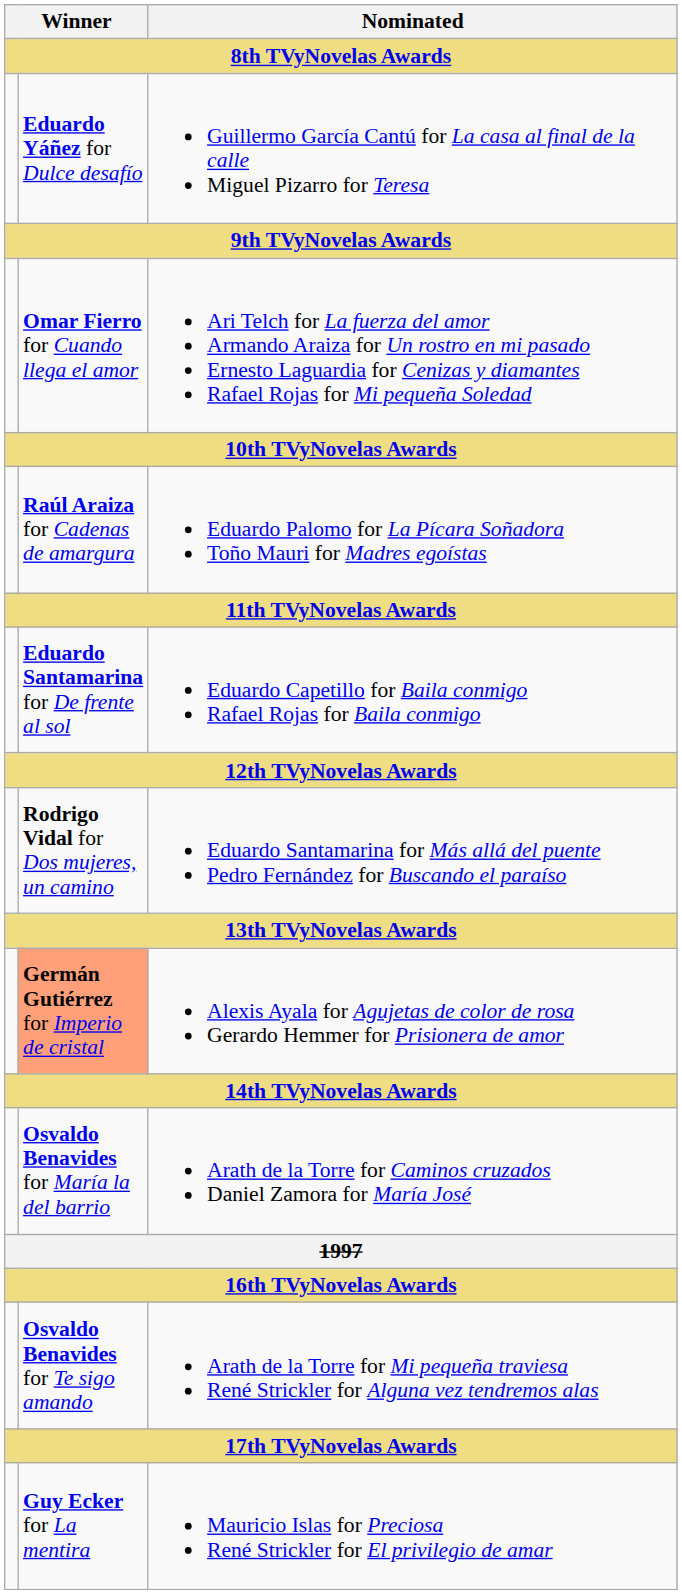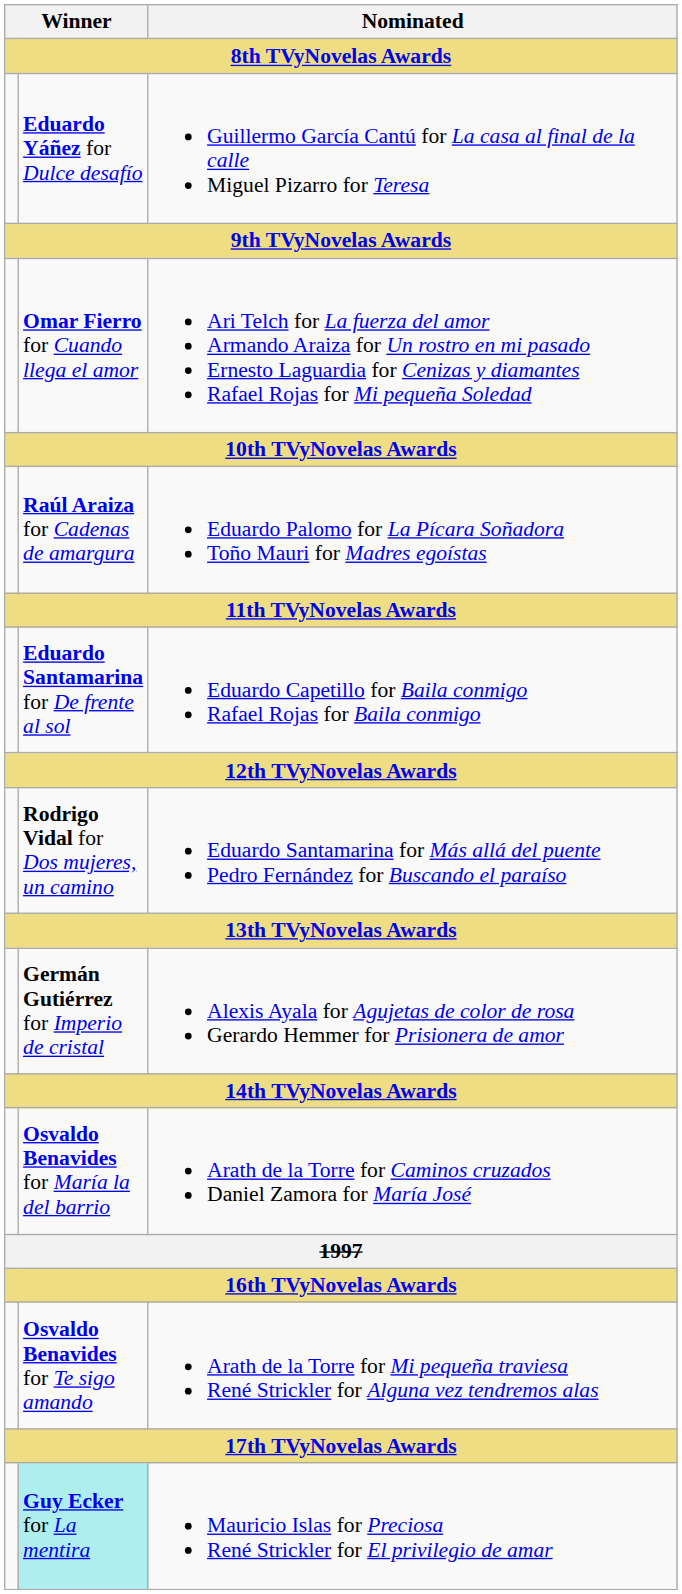 <table class="wikitable" width=80%>
 <tr align=center>
 <th width="150px;" colspan=2; align="center">Winner</th>
 <th width="580px;" align="center">Nominated</th>
 </tr>
 <tr>
 <th colspan=9 style="background:#EEDD82;"  align="center"><strong><a href='#'>8th TVyNovelas Awards</a></strong></th>
 </tr>
 <tr>
 <td width=2%></td>
 <td><strong><a href='#'>Eduardo Yáñez</a></strong> for <em><a href='#'>Dulce desafío</a></em></td>
 <td><br><ul><li><a href='#'>Guillermo García Cantú</a> for <em><a href='#'>La casa al final de la calle</a></em></li><li>Miguel Pizarro for <em><a href='#'>Teresa</a></em></li></ul></td>
 </tr>
 <tr>
 <th colspan=9 style="background:#EEDD82;"  align="center"><strong><a href='#'>9th TVyNovelas Awards</a></strong></th>
 </tr>
 <tr>
 <td width=2%></td>
 <td><strong><a href='#'>Omar Fierro</a></strong> for <em><a href='#'>Cuando llega el amor</a></em></td>
 <td><br><ul><li><a href='#'>Ari Telch</a> for <em><a href='#'>La fuerza del amor</a></em></li><li><a href='#'>Armando Araiza</a> for <em><a href='#'>Un rostro en mi pasado</a></em></li><li><a href='#'>Ernesto Laguardia</a> for <em><a href='#'>Cenizas y diamantes</a></em></li><li><a href='#'>Rafael Rojas</a> for <em><a href='#'>Mi pequeña Soledad</a></em></li></ul></td>
 </tr>
 <tr>
 <th colspan=9 style="background:#EEDD82;"  align="center"><strong><a href='#'>10th TVyNovelas Awards</a></strong></th>
 </tr>
 <tr>
 <td width=2%></td>
 <td><strong><a href='#'>Raúl Araiza</a></strong> for <em><a href='#'>Cadenas de amargura</a></em></td>
 <td><br><ul><li><a href='#'>Eduardo Palomo</a> for <em><a href='#'>La Pícara Soñadora</a></em></li><li><a href='#'>Toño Mauri</a> for <em><a href='#'>Madres egoístas</a></em></li></ul></td>
 </tr>
 <tr>
 <th colspan=9 style="background:#EEDD82;"  align="center"><strong><a href='#'>11th TVyNovelas Awards</a></strong></th>
 </tr>
 <tr>
 <td width=2%></td>
 <td><strong><a href='#'>Eduardo Santamarina</a></strong> for <em><a href='#'>De frente al sol</a></em></td>
 <td><br><ul><li><a href='#'>Eduardo Capetillo</a> for <em><a href='#'>Baila conmigo</a></em></li><li><a href='#'>Rafael Rojas</a> for <em><a href='#'>Baila conmigo</a></em></li></ul></td>
 </tr>
 <tr>
 <th colspan=9 style="background:#EEDD82;"  align="center"><strong><a href='#'>12th TVyNovelas Awards</a></strong></th>
 </tr>
 <tr>
 <td width=2%></td>
 <td><strong>Rodrigo Vidal</strong> for <em><a href='#'>Dos mujeres, un camino</a></em></td>
 <td><br><ul><li><a href='#'>Eduardo Santamarina</a> for <em><a href='#'>Más allá del puente</a></em></li><li><a href='#'>Pedro Fernández</a> for <em><a href='#'>Buscando el paraíso</a></em></li></ul></td>
 </tr>
 <tr>
 <th colspan=9 style="background:#EEDD82;"  align="center"><strong><a href='#'>13th TVyNovelas Awards</a></strong></th>
 </tr>
 <tr>
 <td width=2%></td>
-<td style="background: lightsalmon;"><strong>Germán Gutiérrez</strong> for <em><a href='#'>Imperio de cristal</a></em></td>
+<td><strong>Germán Gutiérrez</strong> for <em><a href='#'>Imperio de cristal</a></em></td>
 <td><br><ul><li><a href='#'>Alexis Ayala</a> for <em><a href='#'>Agujetas de color de rosa</a></em></li><li>Gerardo Hemmer for <em><a href='#'>Prisionera de amor</a></em></li></ul></td>
 </tr>
 <tr>
 <th colspan=9 style="background:#EEDD82;"  align="center"><strong><a href='#'>14th TVyNovelas Awards</a></strong></th>
 </tr>
 <tr>
 <td width=2%></td>
 <td><strong><a href='#'>Osvaldo Benavides</a></strong> for <em><a href='#'>María la del barrio</a></em></td>
 <td><br><ul><li><a href='#'>Arath de la Torre</a> for <em><a href='#'>Caminos cruzados</a></em></li><li>Daniel Zamora for <em><a href='#'>María José</a></em></li></ul></td>
 </tr>
 <tr>
 <th colspan=9  align="center"><s>1997</s></th>
 </tr>
 <tr>
 <th colspan=9 style="background:#EEDD82;"  align="center"><strong><a href='#'>16th TVyNovelas Awards</a></strong></th>
 </tr>
 <tr>
 <td width=2%></td>
 <td><strong><a href='#'>Osvaldo Benavides</a></strong> for <em><a href='#'>Te sigo amando</a></em></td>
 <td><br><ul><li><a href='#'>Arath de la Torre</a> for <em><a href='#'>Mi pequeña traviesa</a></em></li><li><a href='#'>René Strickler</a> for <em><a href='#'>Alguna vez tendremos alas</a></em></li></ul></td>
 </tr>
 <tr>
 <th colspan=9 style="background:#EEDD82;"  align="center"><strong><a href='#'>17th TVyNovelas Awards</a></strong></th>
 </tr>
 <tr>
 <td width=2%></td>
-<td><strong><a href='#'>Guy Ecker</a></strong> for <em><a href='#'>La mentira</a></em></td>
+<td style="background: paleturquoise;"><strong><a href='#'>Guy Ecker</a></strong> for <em><a href='#'>La mentira</a></em></td>
 <td><br><ul><li><a href='#'>Mauricio Islas</a> for <em><a href='#'>Preciosa</a></em></li><li><a href='#'>René Strickler</a> for <em><a href='#'>El privilegio de amar</a></em></li></ul></td>
 </tr>
 </table>
